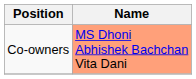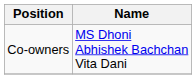 <table class="wikitable">
 <tr>
 <th>Position</th>
 <th>Name</th>
 </tr>
 <tr>
 <td>Co-owners</td>
-<td style="background: lightsalmon;"> <a href='#'>MS Dhoni</a> <br>  <a href='#'>Abhishek Bachchan</a> <br>  Vita Dani</td>
+<td> <a href='#'>MS Dhoni</a> <br>  <a href='#'>Abhishek Bachchan</a> <br>  Vita Dani</td>
 </tr>
 <tr>
 </tr>
 </table>
